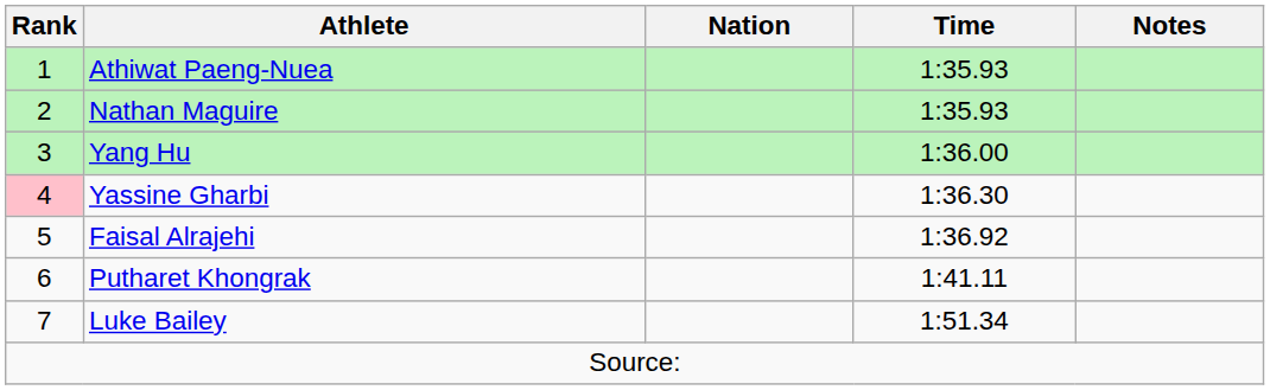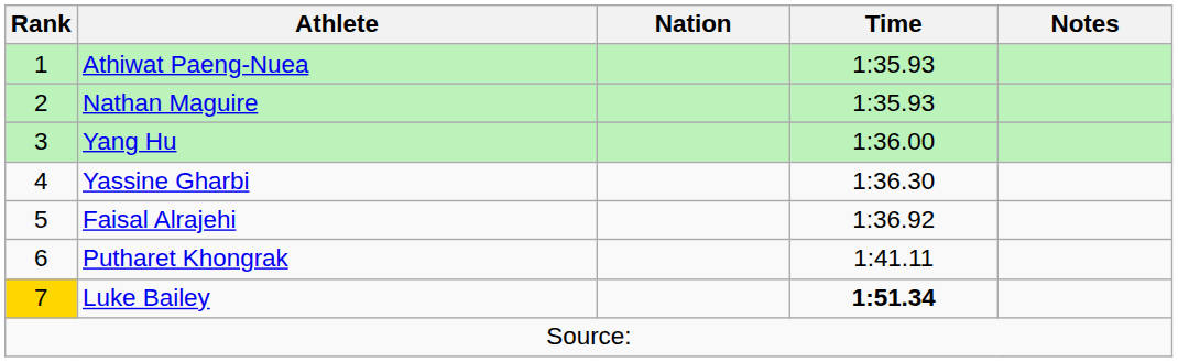 <table class="wikitable sortable" style="text-align:center;width: 60%;">
 <tr>
 <th scope="col" style="width: 10px;">Rank</th>
 <th scope="col">Athlete</th>
 <th scope="col">Nation</th>
 <th scope="col">Time</th>
 <th scope="col">Notes</th>
 </tr>
 <tr bgcolor=bbf3bb>
 <td>1</td>
 <td align=left><a href='#'>Athiwat Paeng-Nuea</a></td>
 <td align=left></td>
 <td>1:35.93</td>
 <td></td>
 </tr>
 <tr bgcolor=bbf3bb>
 <td>2</td>
 <td align=left><a href='#'>Nathan Maguire</a></td>
 <td align=left></td>
 <td>1:35.93</td>
 <td></td>
 </tr>
 <tr bgcolor=bbf3bb>
 <td>3</td>
 <td align=left><a href='#'>Yang Hu</a></td>
 <td align=left></td>
 <td>1:36.00</td>
 <td></td>
 </tr>
 <tr>
-<td style="background: pink;">4</td>
+<td>4</td>
 <td align=left><a href='#'>Yassine Gharbi</a></td>
 <td align=left></td>
 <td>1:36.30</td>
 <td></td>
 </tr>
 <tr>
 <td>5</td>
 <td align=left><a href='#'>Faisal Alrajehi</a></td>
 <td align=left></td>
 <td>1:36.92</td>
 <td></td>
 </tr>
 <tr>
 <td>6</td>
 <td align=left><a href='#'>Putharet Khongrak</a></td>
 <td align=left></td>
 <td>1:41.11</td>
 <td></td>
 </tr>
 <tr>
-<td>7</td>
+<td style="background: gold;">7</td>
 <td align=left><a href='#'>Luke Bailey</a></td>
 <td align=left></td>
-<td>1:51.34</td>
+<td><strong>1:51.34</strong></td>
 <td></td>
 </tr>
 <tr class="sortbottom">
 <td colspan="5">Source:</td>
 </tr>
 </table>
